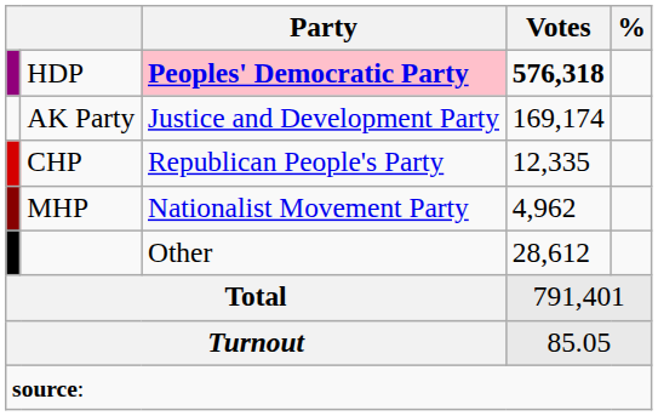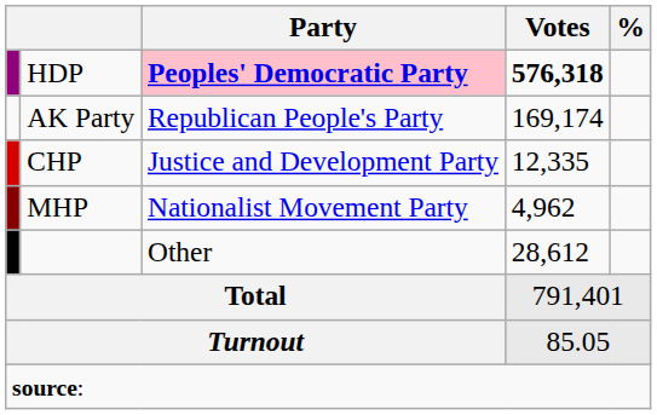 <table class="wikitable">
 <tr>
 <th colspan="2" align="center"></th>
 <th align="center">Party</th>
 <th align="center">Votes</th>
 <th align="center">%</th>
 </tr>
 <tr align="left">
 <td bgcolor="#91007B" width="1"></td>
 <td>HDP</td>
 <td style="background: pink;"><strong><a href='#'>Peoples' Democratic Party</a></strong></td>
 <td><strong>576,318</strong></td>
 <td><strong></strong></td>
 </tr>
 <tr align="left">
 <td></td>
 <td>AK Party</td>
-<td><a href='#'>Justice and Development Party</a></td>
+<td><a href='#'>Republican People's Party</a></td>
 <td>169,174</td>
 <td></td>
 </tr>
 <tr align="left">
 <td bgcolor="#d50000" width="1"></td>
 <td>CHP</td>
-<td><a href='#'>Republican People's Party</a></td>
+<td><a href='#'>Justice and Development Party</a></td>
 <td>12,335</td>
 <td></td>
 </tr>
 <tr align="left">
 <td bgcolor="#870000" width="1"></td>
 <td>MHP</td>
 <td><a href='#'>Nationalist Movement Party</a></td>
 <td>4,962</td>
 <td></td>
 </tr>
 <tr align="left">
 <td bgcolor=" " width="1"></td>
 <td></td>
 <td>Other</td>
 <td>28,612</td>
 <td></td>
 </tr>
 <tr align="left" style="background-color:#E9E9E9">
 <th colspan="3" align="center"><strong>Total</strong></th>
 <td colspan="5" align="center">791,401</td>
 </tr>
 <tr align="left" style="background-color:#E9E9E9">
 <th colspan="3" align="center"><em>Turnout</em></th>
 <td colspan="5" align="center">85.05</td>
 </tr>
 <tr>
 <td colspan="9" align="left"><small><strong>source</strong>: </small></td>
 </tr>
 </table>
